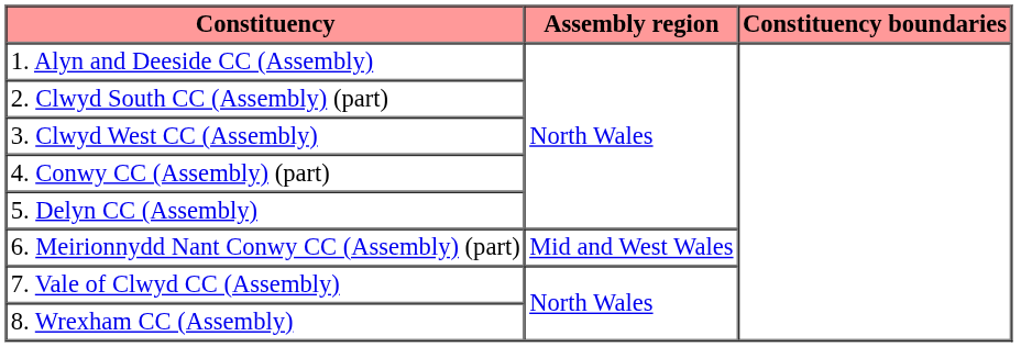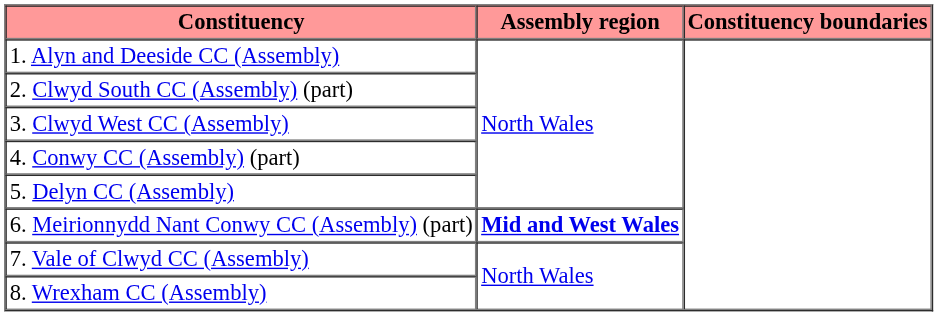 <table border=1 cellpadding="2" cellspacing="0">
 <tr>
 <th bgcolor="#ff9999">Constituency</th>
 <th bgcolor="#ff9999">Assembly region</th>
 <th bgcolor="#ff9999">Constituency boundaries</th>
 </tr>
 <tr>
 <td>1. <a href='#'>Alyn and Deeside CC (Assembly)</a></td>
 <td rowspan=5><a href='#'>North Wales</a></td>
 <td rowspan=8></td>
 </tr>
 <tr>
 <td>2. <a href='#'>Clwyd South CC (Assembly)</a> (part)</td>
 </tr>
 <tr>
 <td>3. <a href='#'>Clwyd West CC (Assembly)</a></td>
 </tr>
 <tr>
 <td>4. <a href='#'>Conwy CC (Assembly)</a> (part)</td>
 </tr>
 <tr>
 <td>5. <a href='#'>Delyn CC (Assembly)</a></td>
 </tr>
 <tr>
 <td>6. <a href='#'>Meirionnydd Nant Conwy CC (Assembly)</a> (part)</td>
-<td><a href='#'>Mid and West Wales</a></td>
+<td><strong><a href='#'>Mid and West Wales</a></strong></td>
 </tr>
 <tr>
 <td>7. <a href='#'>Vale of Clwyd CC (Assembly)</a></td>
 <td rowspan=2><a href='#'>North Wales</a></td>
 </tr>
 <tr>
 <td>8. <a href='#'>Wrexham CC (Assembly)</a></td>
 </tr>
 </table>
